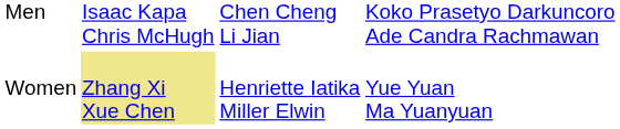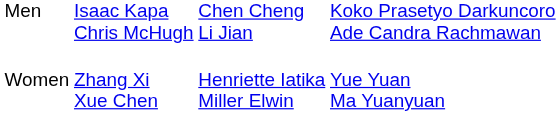 <table>
 <tr>
 <td>Men</td>
 <td><br><a href='#'>Isaac Kapa</a><br><a href='#'>Chris McHugh</a></td>
 <td><br><a href='#'>Chen Cheng</a><br><a href='#'>Li Jian</a></td>
 <td><br><a href='#'>Koko Prasetyo Darkuncoro</a><br><a href='#'>Ade Candra Rachmawan</a></td>
 </tr>
 <tr>
 <td>Women</td>
-<td style="background: khaki;"><br><a href='#'>Zhang Xi</a><br><a href='#'>Xue Chen</a></td>
+<td><br><a href='#'>Zhang Xi</a><br><a href='#'>Xue Chen</a></td>
 <td><br><a href='#'>Henriette Iatika</a><br><a href='#'>Miller Elwin</a></td>
 <td><br><a href='#'>Yue Yuan</a><br><a href='#'>Ma Yuanyuan</a></td>
 </tr>
 </table>
